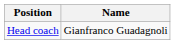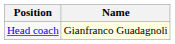 <table class="wikitable">
 <tr>
 <th>Position</th>
 <th>Name</th>
 </tr>
 <tr>
 <td><a href='#'>Head coach</a></td>
-<td>Gianfranco Guadagnoli<br></td>
+<td style="background: lightyellow;">Gianfranco Guadagnoli<br></td>
 </tr>
 </table>
